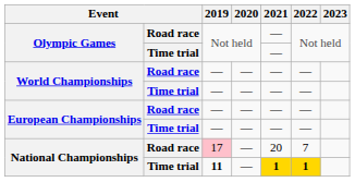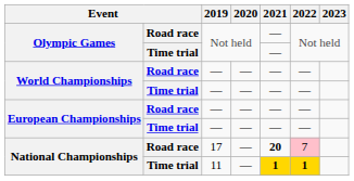 <table class="wikitable plainrowheaders">
 <tr>
 <th colspan="2" scope="col">Event</th>
 <th>2019</th>
 <th>2020</th>
 <th>2021</th>
 <th>2022</th>
 <th>2023</th>
 </tr>
 <tr style="text-align:center;">
 <th scope="row" rowspan="2"> <a href='#'>Olympic Games</a></th>
 <th scope="row">Road race</th>
 <td style="color:#4d4d4d;" rowspan="2" colspan=2>Not held</td>
 <td>—</td>
 <td style="color:#4d4d4d;" rowspan="2" colspan=2>Not held</td>
 </tr>
 <tr style="text-align:center;">
 <th scope="row">Time trial</th>
 <td>—</td>
 </tr>
 <tr style="text-align:center;">
 <th scope="row" rowspan="2"> <a href='#'>World Championships</a></th>
 <th scope="row"><a href='#'>Road race</a></th>
 <td>—</td>
 <td>—</td>
 <td>—</td>
 <td>—</td>
 <td></td>
 </tr>
 <tr style="text-align:center;">
 <th scope="row"><a href='#'>Time trial</a></th>
 <td>—</td>
 <td>—</td>
 <td>—</td>
 <td>—</td>
 <td></td>
 </tr>
 <tr style="text-align:center;">
 <th scope="row" rowspan="2"> <a href='#'>European Championships</a></th>
 <th scope="row"><a href='#'>Road race</a></th>
 <td>—</td>
 <td>—</td>
 <td>—</td>
 <td>—</td>
 <td></td>
 </tr>
 <tr style="text-align:center;">
 <th scope="row"><a href='#'>Time trial</a></th>
 <td>—</td>
 <td>—</td>
 <td>—</td>
 <td>—</td>
 <td></td>
 </tr>
 <tr style="text-align:center;">
 <th rowspan="2" scope="row"> National Championships</th>
 <th scope="row">Road race</th>
-<td style="background: pink;">17</td>
+<td>17</td>
 <td>—</td>
-<td>20</td>
-<td>7</td>
+<td><strong>20</strong></td>
+<td style="background: pink;">7</td>
 <td></td>
 </tr>
 <tr style="text-align:center;">
 <th scope="row">Time trial</th>
-<td><strong>11</strong></td>
+<td>11</td>
 <td>—</td>
 <td style="background:gold;"><strong>1</strong></td>
 <td style="background:gold;"><strong>1</strong></td>
 <td></td>
 </tr>
 </table>
